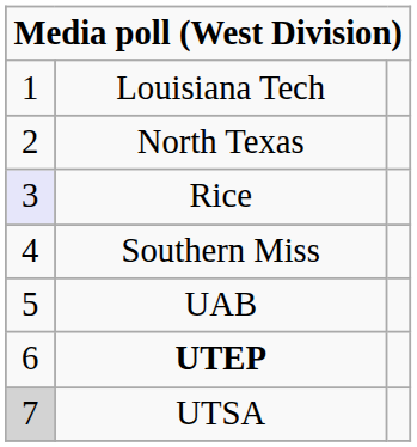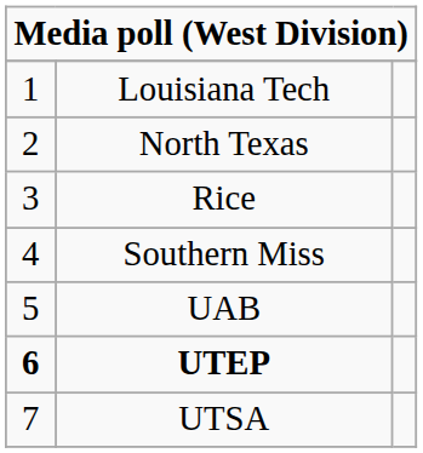 <table class="wikitable" style="display: inline-table;">
 <tr>
 <td align="center" Colspan="3"><strong>Media poll (West Division)</strong></td>
 </tr>
 <tr align="center">
 </tr>
 <tr align="center">
 <td>1</td>
 <td>Louisiana Tech</td>
 <td></td>
 </tr>
 <tr align="center">
 <td>2</td>
 <td>North Texas</td>
 <td></td>
 </tr>
 <tr align="center">
-<td style="background: lavender;">3</td>
+<td>3</td>
 <td>Rice</td>
 <td></td>
 </tr>
 <tr align="center">
 <td>4</td>
 <td>Southern Miss</td>
 <td></td>
 </tr>
 <tr align="center">
 <td>5</td>
 <td>UAB</td>
 <td></td>
 </tr>
 <tr align="center">
-<td>6</td>
+<td><strong>6</strong></td>
 <td><strong>UTEP</strong></td>
 <td></td>
 </tr>
 <tr align="center">
-<td style="background: lightgrey;">7</td>
+<td>7</td>
 <td>UTSA</td>
 <td></td>
 </tr>
 </table>
